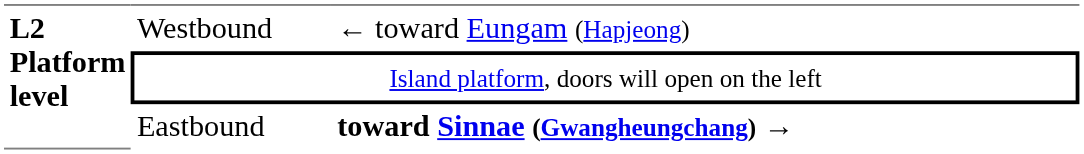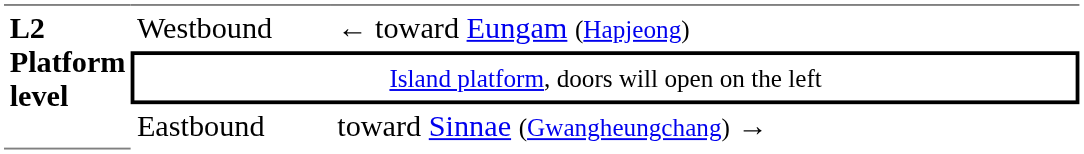 <table table border=0 cellspacing=0 cellpadding=3>
 <tr>
 <td style="border-top:solid 1px gray;border-bottom:solid 1px gray;" width=50 rowspan=10 valign=top><strong>L2<br>Platform level</strong></td>
 <td style="border-bottom:solid 0px gray;border-top:solid 1px gray;" width=100>Westbound</td>
 <td style="border-bottom:solid 0px gray;border-top:solid 1px gray;" width=390>←  toward <a href='#'>Eungam</a> <small>(<a href='#'>Hapjeong</a>)</small></td>
 </tr>
 <tr>
 <td style="border-top:solid 2px black;border-right:solid 2px black;border-left:solid 2px black;border-bottom:solid 2px black;text-align:center;" colspan=2><small><a href='#'>Island platform</a>, doors will open on the left </small></td>
 </tr>
 <tr>
 <td>Eastbound</td>
-<td><strong>  toward <a href='#'>Sinnae</a> <small>(<a href='#'>Gwangheungchang</a>)</small> →</strong></td>
+<td>  toward <a href='#'>Sinnae</a> <small>(<a href='#'>Gwangheungchang</a>)</small> →</td>
 </tr>
 </table>
